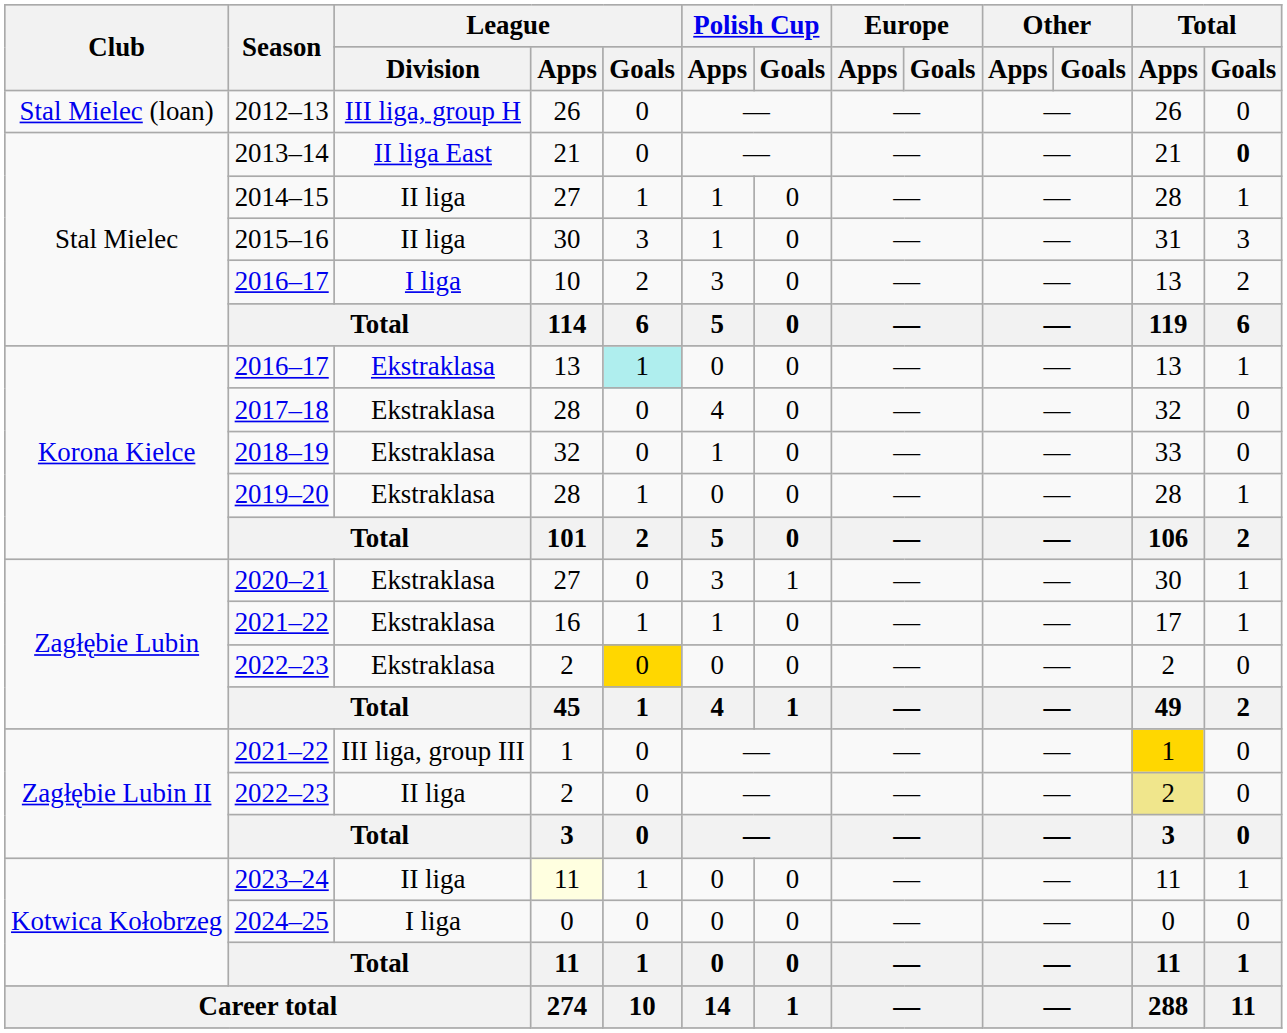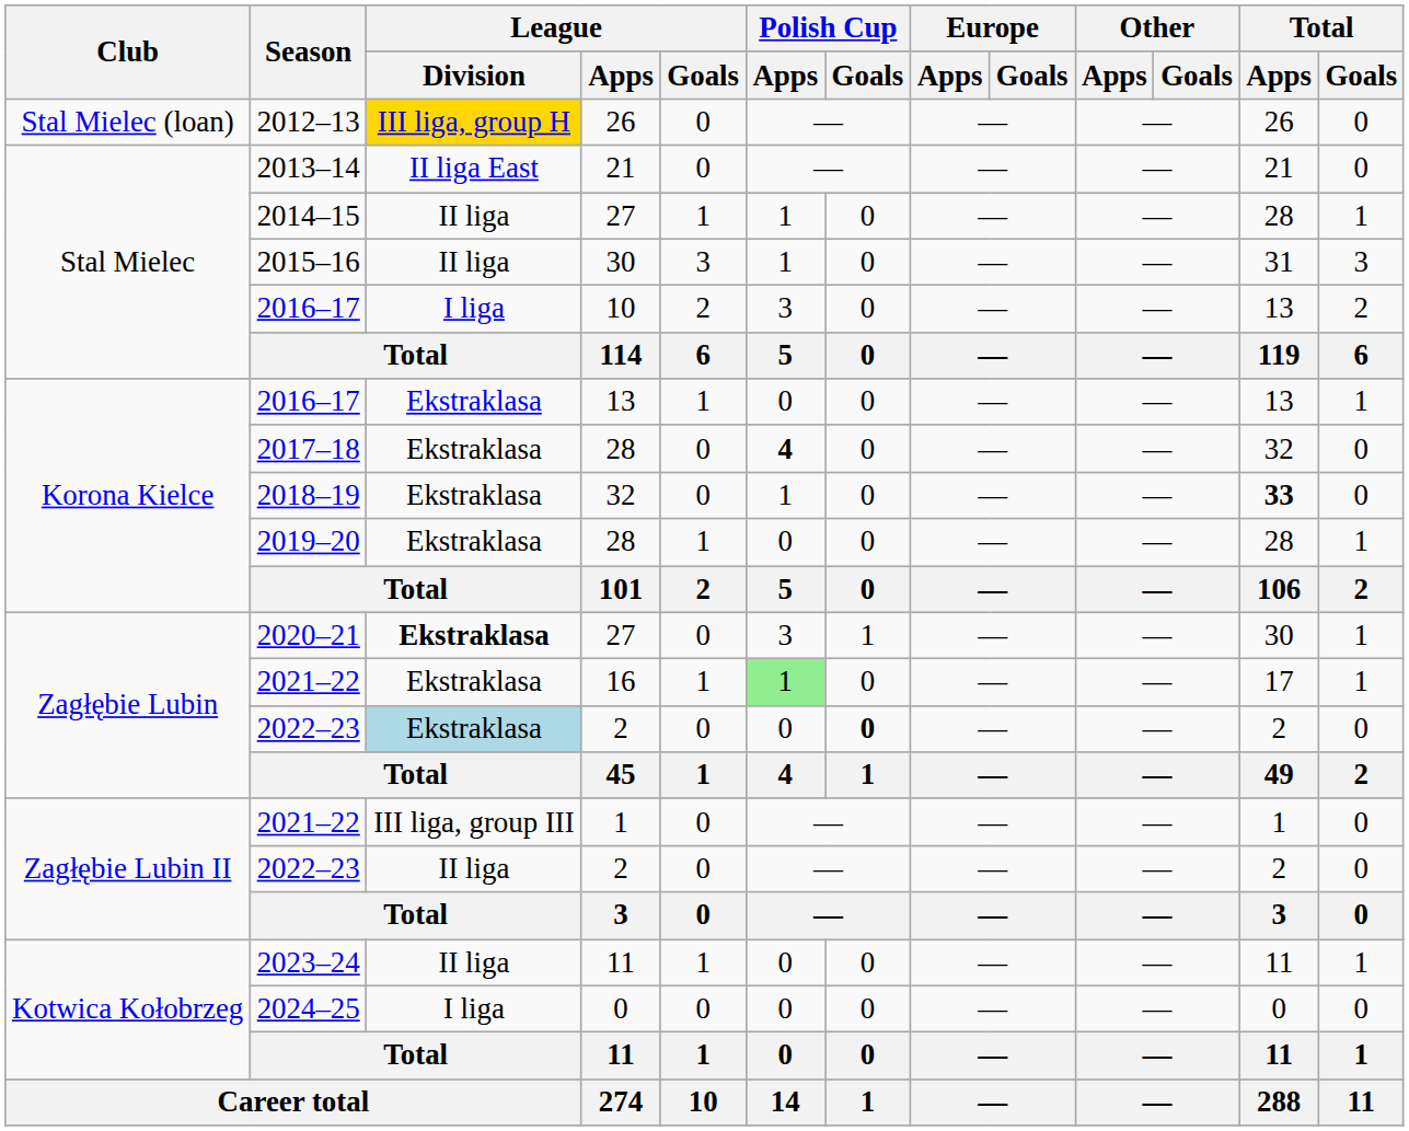 <table class=wikitable style="text-align: center">
 <tr>
 <th rowspan=2>Club</th>
 <th rowspan=2>Season</th>
 <th colspan=3>League</th>
 <th colspan=2><a href='#'>Polish Cup</a></th>
 <th colspan=2>Europe</th>
 <th colspan=2>Other</th>
 <th colspan=2>Total</th>
 </tr>
 <tr>
 <th>Division</th>
 <th>Apps</th>
 <th>Goals</th>
 <th>Apps</th>
 <th>Goals</th>
 <th>Apps</th>
 <th>Goals</th>
 <th>Apps</th>
 <th>Goals</th>
 <th>Apps</th>
 <th>Goals</th>
 </tr>
 <tr>
 <td><a href='#'>Stal Mielec</a> (loan)</td>
 <td>2012–13</td>
-<td rowspan="1"><a href='#'>III liga, group H</a></td>
+<td rowspan="1" style="background: gold;"><a href='#'>III liga, group H</a></td>
 <td>26</td>
 <td>0</td>
 <td colspan="2">—</td>
 <td colspan="2">—</td>
 <td colspan="2">—</td>
 <td>26</td>
 <td>0</td>
 </tr>
 <tr>
 <td rowspan="5">Stal Mielec</td>
 <td>2013–14</td>
 <td><a href='#'>II liga East</a></td>
 <td>21</td>
 <td>0</td>
 <td colspan="2">—</td>
 <td colspan="2">—</td>
 <td colspan="2">—</td>
 <td>21</td>
-<td><strong>0</strong></td>
+<td>0</td>
 </tr>
 <tr>
 <td>2014–15</td>
 <td>II liga</td>
 <td>27</td>
 <td>1</td>
 <td>1</td>
 <td>0</td>
 <td colspan="2">—</td>
 <td colspan="2">—</td>
 <td>28</td>
 <td>1</td>
 </tr>
 <tr>
 <td>2015–16</td>
 <td>II liga</td>
 <td>30</td>
 <td>3</td>
 <td>1</td>
 <td>0</td>
 <td colspan="2">—</td>
 <td colspan="2">—</td>
 <td>31</td>
 <td>3</td>
 </tr>
 <tr>
 <td><a href='#'>2016–17</a></td>
 <td><a href='#'>I liga</a></td>
 <td>10</td>
 <td>2</td>
 <td>3</td>
 <td>0</td>
 <td colspan="2">—</td>
 <td colspan="2">—</td>
 <td>13</td>
 <td>2</td>
 </tr>
 <tr>
 <th colspan="2">Total</th>
 <th>114</th>
 <th>6</th>
 <th>5</th>
 <th>0</th>
 <th colspan="2">—</th>
 <th colspan="2">—</th>
 <th>119</th>
 <th>6</th>
 </tr>
 <tr>
 <td rowspan="5"><a href='#'>Korona Kielce</a></td>
 <td><a href='#'>2016–17</a></td>
 <td><a href='#'>Ekstraklasa</a></td>
 <td>13</td>
-<td style="background: paleturquoise;">1</td>
+<td>1</td>
 <td>0</td>
 <td>0</td>
 <td colspan="2">—</td>
 <td colspan="2">—</td>
 <td>13</td>
 <td>1</td>
 </tr>
 <tr>
 <td><a href='#'>2017–18</a></td>
 <td>Ekstraklasa</td>
 <td>28</td>
 <td>0</td>
-<td>4</td>
+<td><strong>4</strong></td>
 <td>0</td>
 <td colspan="2">—</td>
 <td colspan="2">—</td>
 <td>32</td>
 <td>0</td>
 </tr>
 <tr>
 <td><a href='#'>2018–19</a></td>
 <td>Ekstraklasa</td>
 <td>32</td>
 <td>0</td>
 <td>1</td>
 <td>0</td>
 <td colspan="2">—</td>
 <td colspan="2">—</td>
-<td>33</td>
+<td><strong>33</strong></td>
 <td>0</td>
 </tr>
 <tr>
 <td><a href='#'>2019–20</a></td>
 <td>Ekstraklasa</td>
 <td>28</td>
 <td>1</td>
 <td>0</td>
 <td>0</td>
 <td colspan="2">—</td>
 <td colspan="2">—</td>
 <td>28</td>
 <td>1</td>
 </tr>
 <tr>
 <th colspan="2">Total</th>
 <th>101</th>
 <th>2</th>
 <th>5</th>
 <th>0</th>
 <th colspan="2">—</th>
 <th colspan="2">—</th>
 <th>106</th>
 <th>2</th>
 </tr>
 <tr>
 <td rowspan="4"><a href='#'>Zagłębie Lubin</a></td>
 <td><a href='#'>2020–21</a></td>
-<td>Ekstraklasa</td>
+<td><strong>Ekstraklasa</strong></td>
 <td>27</td>
 <td>0</td>
 <td>3</td>
 <td>1</td>
 <td colspan="2">—</td>
 <td colspan="2">—</td>
 <td>30</td>
 <td>1</td>
 </tr>
 <tr>
 <td><a href='#'>2021–22</a></td>
 <td>Ekstraklasa</td>
 <td>16</td>
 <td>1</td>
-<td>1</td>
+<td style="background: lightgreen;">1</td>
 <td>0</td>
 <td colspan="2">—</td>
 <td colspan="2">—</td>
 <td>17</td>
 <td>1</td>
 </tr>
 <tr>
 <td><a href='#'>2022–23</a></td>
-<td>Ekstraklasa</td>
+<td style="background: lightblue;">Ekstraklasa</td>
 <td>2</td>
-<td style="background: gold;">0</td>
 <td>0</td>
 <td>0</td>
+<td><strong>0</strong></td>
 <td colspan="2">—</td>
 <td colspan="2">—</td>
 <td>2</td>
 <td>0</td>
 </tr>
 <tr>
 <th colspan="2">Total</th>
 <th>45</th>
 <th>1</th>
 <th>4</th>
 <th>1</th>
 <th colspan="2">—</th>
 <th colspan="2">—</th>
 <th>49</th>
 <th>2</th>
 </tr>
 <tr>
 <td rowspan="3"><a href='#'>Zagłębie Lubin II</a></td>
 <td><a href='#'>2021–22</a></td>
 <td>III liga, group III</td>
 <td>1</td>
 <td>0</td>
 <td colspan="2">—</td>
 <td colspan="2">—</td>
 <td colspan="2">—</td>
-<td style="background: gold;">1</td>
+<td>1</td>
 <td>0</td>
 </tr>
 <tr>
 <td><a href='#'>2022–23</a></td>
 <td>II liga</td>
 <td>2</td>
 <td>0</td>
 <td colspan="2">—</td>
 <td colspan="2">—</td>
 <td colspan="2">—</td>
-<td style="background: khaki;">2</td>
+<td>2</td>
 <td>0</td>
 </tr>
 <tr>
 <th colspan="2">Total</th>
 <th>3</th>
 <th>0</th>
 <th colspan="2">—</th>
 <th colspan="2">—</th>
 <th colspan="2">—</th>
 <th>3</th>
 <th>0</th>
 </tr>
 <tr>
 <td rowspan="3"><a href='#'>Kotwica Kołobrzeg</a></td>
 <td><a href='#'>2023–24</a></td>
 <td>II liga</td>
-<td style="background: lightyellow;">11</td>
+<td>11</td>
 <td>1</td>
 <td>0</td>
 <td>0</td>
 <td colspan="2">—</td>
 <td colspan="2">—</td>
 <td>11</td>
 <td>1</td>
 </tr>
 <tr>
 <td><a href='#'>2024–25</a></td>
 <td>I liga</td>
 <td>0</td>
 <td>0</td>
 <td>0</td>
 <td>0</td>
 <td colspan="2">—</td>
 <td colspan="2">—</td>
 <td>0</td>
 <td>0</td>
 </tr>
 <tr>
 <th colspan="2">Total</th>
 <th>11</th>
 <th>1</th>
 <th>0</th>
 <th>0</th>
 <th colspan="2">—</th>
 <th colspan="2">—</th>
 <th>11</th>
 <th>1</th>
 </tr>
 <tr>
 <th colspan="3">Career total</th>
 <th>274</th>
 <th>10</th>
 <th>14</th>
 <th>1</th>
 <th colspan="2">—</th>
 <th colspan="2">—</th>
 <th>288</th>
 <th>11</th>
 </tr>
 </table>
